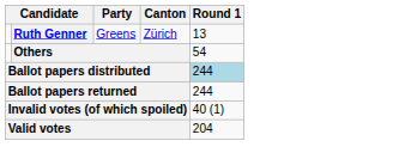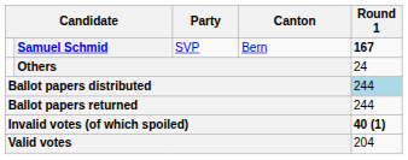 <table class="wikitable">
 <tr>
 <th colspan=2>Candidate</th>
 <th>Party</th>
 <th>Canton</th>
 <th>Round 1</th>
 </tr>
 <tr>
-<td style="background-color: "></td>
-<td style="background-color:#F2F2F2"><strong><a href='#'>Ruth Genner</a></strong></td>
-<td><a href='#'>Greens</a></td>
-<td><a href='#'>Zürich</a></td>
-<td>13</td>
+<td width=5px style="background-color: "></td>
+<td width=200px style="background-color:#F2F2F2"><strong><a href='#'>Samuel Schmid</a></strong></td>
+<td width=80px><a href='#'>SVP</a></td>
+<td width=140px><a href='#'>Bern</a></td>
+<td width=60px><strong>167</strong></td>
 </tr>
 <tr>
 <td></td>
 <td colspan=3 style="background-color:#F2F2F2"><strong>Others</strong></td>
-<td>54</td>
+<td>24</td>
 </tr>
 <tr>
 <td colspan=4 style="background-color:#F2F2F2"><strong>Ballot papers distributed</strong></td>
 <td style="background: lightblue;">244</td>
 </tr>
 <tr>
 <td colspan=4 style="background-color:#F2F2F2"><strong>Ballot papers returned</strong></td>
 <td>244</td>
 </tr>
 <tr>
 <td colspan=4 style="background-color:#F2F2F2"><strong>Invalid votes (of which spoiled)</strong></td>
-<td>40 (1)</td>
+<td><strong>40 (1)</strong></td>
 </tr>
 <tr>
 <td colspan=4 style="background-color:#F2F2F2"><strong>Valid votes</strong></td>
 <td>204</td>
 </tr>
 </table>
